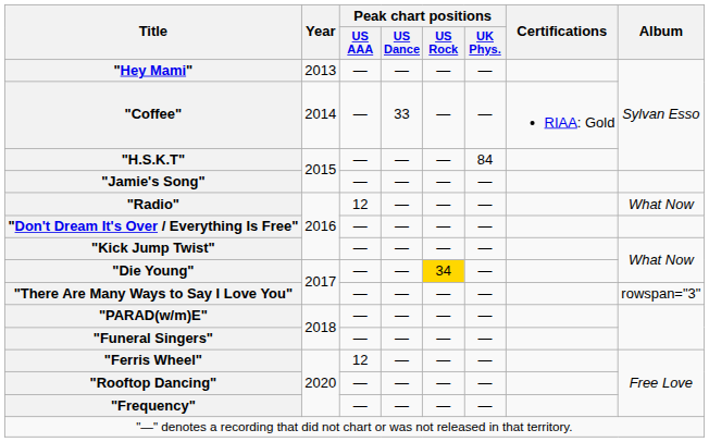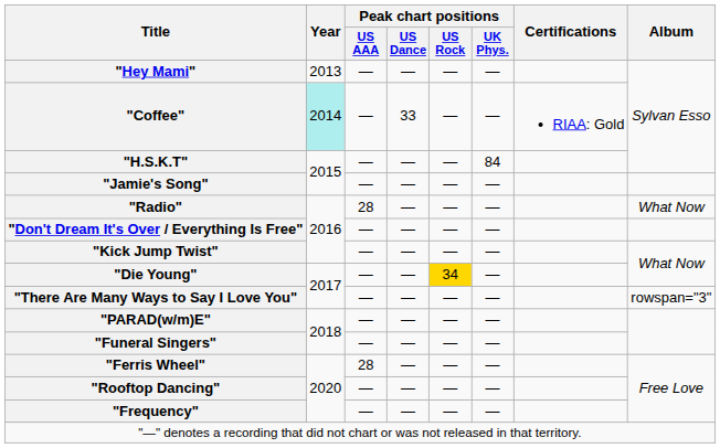 <table class="wikitable plainrowheaders" style="text-align:center;">
 <tr>
 <th scope="col" rowspan="2">Title</th>
 <th scope="col" rowspan="2">Year</th>
 <th scope="col" colspan="4">Peak chart positions</th>
 <th scope="col" rowspan="2">Certifications</th>
 <th scope="col" rowspan="2">Album</th>
 </tr>
 <tr>
 <th scope="col" style="width:3em;font-size:85%;"><a href='#'>US<br>AAA</a><br></th>
 <th scope="col" style="width:3em;font-size:85%;"><a href='#'>US<br>Dance</a><br></th>
 <th scope="col" style="width:3em;font-size:85%;"><a href='#'>US<br>Rock</a><br></th>
 <th scope="col" style="width:3em;font-size:85%;"><a href='#'>UK<br>Phys.</a><br></th>
 </tr>
 <tr>
 <th scope="row">"<a href='#'>Hey Mami</a>"</th>
 <td>2013</td>
 <td>—</td>
 <td>—</td>
 <td>—</td>
 <td>—</td>
 <td></td>
 <td rowspan="3"><em>Sylvan Esso</em></td>
 </tr>
 <tr>
 <th scope="row">"Coffee"</th>
-<td>2014</td>
+<td style="background: paleturquoise;">2014</td>
 <td>—</td>
 <td>33</td>
 <td>—</td>
 <td>—</td>
 <td><br><ul><li><a href='#'>RIAA</a>: Gold </li></ul></td>
 </tr>
 <tr>
 <th scope="row">"H.S.K.T"</th>
 <td rowspan="2">2015</td>
 <td>—</td>
 <td>—</td>
 <td>—</td>
 <td>84</td>
 <td></td>
 </tr>
 <tr>
 <th scope="row">"Jamie's Song"</th>
 <td>—</td>
 <td>—</td>
 <td>—</td>
 <td>—</td>
 <td></td>
 <td></td>
 </tr>
 <tr>
 <th scope="row">"Radio"</th>
 <td rowspan="3">2016</td>
-<td>12</td>
+<td>28</td>
 <td>—</td>
 <td>—</td>
 <td>—</td>
 <td></td>
 <td><em>What Now</em></td>
 </tr>
 <tr>
 <th scope="row">"<a href='#'>Don't Dream It's Over</a> / Everything Is Free"<br></th>
 <td>—</td>
 <td>—</td>
 <td>—</td>
 <td>—</td>
 <td></td>
 <td></td>
 </tr>
 <tr>
 <th scope="row">"Kick Jump Twist"</th>
 <td>—</td>
 <td>—</td>
 <td>—</td>
 <td>—</td>
 <td></td>
 <td rowspan="2"><em>What Now</em></td>
 </tr>
 <tr>
 <th scope="row">"Die Young"</th>
 <td rowspan="2">2017</td>
 <td>—</td>
 <td>—</td>
 <td style="background: gold;">34</td>
 <td>—</td>
 <td></td>
 </tr>
 <tr>
 <th scope="row">"There Are Many Ways to Say I Love You"</th>
 <td>—</td>
 <td>—</td>
 <td>—</td>
 <td>—</td>
 <td></td>
 <td>rowspan="3" </td>
 </tr>
 <tr>
 <th scope="row">"PARAD(w/m)E"</th>
 <td rowspan="2">2018</td>
 <td>—</td>
 <td>—</td>
 <td>—</td>
 <td>—</td>
 <td></td>
 </tr>
 <tr>
 <th scope="row">"Funeral Singers"<br></th>
 <td>—</td>
 <td>—</td>
 <td>—</td>
 <td>—</td>
 <td></td>
 </tr>
 <tr>
 <th scope="row">"Ferris Wheel"</th>
 <td rowspan="3">2020</td>
-<td>12</td>
+<td>28</td>
 <td>—</td>
 <td>—</td>
 <td>—</td>
 <td></td>
 <td rowspan="3"><em>Free Love</em></td>
 </tr>
 <tr>
 <th scope="row">"Rooftop Dancing"</th>
 <td>—</td>
 <td>—</td>
 <td>—</td>
 <td>—</td>
 <td></td>
 </tr>
 <tr>
 <th scope="row">"Frequency"</th>
 <td>—</td>
 <td>—</td>
 <td>—</td>
 <td>—</td>
 <td></td>
 </tr>
 <tr>
 <td colspan="15" style="font-size:90%">"—" denotes a recording that did not chart or was not released in that territory.</td>
 </tr>
 </table>
